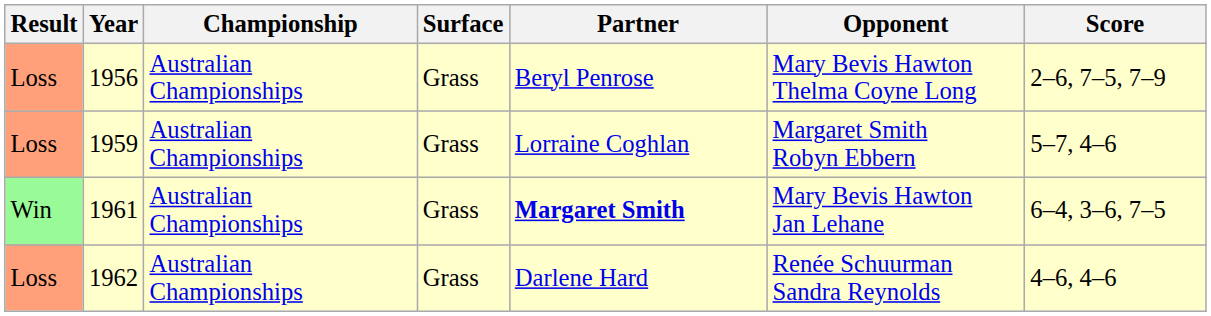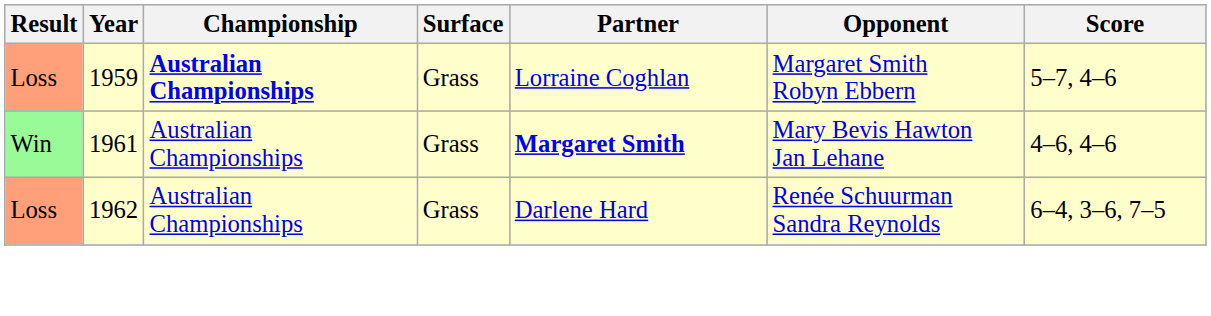 <table class="sortable wikitable">
 <tr>
 <th style="width:40px">Result</th>
 <th style="width:30px">Year</th>
 <th style="width:170px">Championship</th>
 <th style="width:50px">Surface</th>
 <th style="width:160px">Partner</th>
 <th style="width:160px">Opponent</th>
 <th style="width:110px" class="unsortable">Score</th>
 </tr>
 <tr style="background:#ffc;">
 <td style="background:#ffa07a;">Loss</td>
-<td>1956</td>
-<td><a href='#'>Australian Championships</a></td>
-<td>Grass</td>
-<td> <a href='#'>Beryl Penrose</a></td>
-<td> <a href='#'>Mary Bevis Hawton</a> <br>  <a href='#'>Thelma Coyne Long</a></td>
-<td>2–6, 7–5, 7–9</td>
-</tr>
-<tr style="background:#ffc;">
-<td style="background:#ffa07a;">Loss</td>
 <td>1959</td>
-<td><a href='#'>Australian Championships</a></td>
+<td><strong><a href='#'>Australian Championships</a></strong></td>
 <td>Grass</td>
 <td> <a href='#'>Lorraine Coghlan</a></td>
 <td> <a href='#'>Margaret Smith</a> <br>  <a href='#'>Robyn Ebbern</a></td>
 <td>5–7, 4–6</td>
 </tr>
 <tr style="background:#ffc;">
 <td style="background:#98fb98;">Win</td>
 <td>1961</td>
 <td><a href='#'>Australian Championships</a></td>
 <td>Grass</td>
 <td><strong> <a href='#'>Margaret Smith</a></strong></td>
 <td> <a href='#'>Mary Bevis Hawton</a><br> <a href='#'>Jan Lehane</a></td>
-<td>6–4, 3–6, 7–5</td>
+<td>4–6, 4–6</td>
 </tr>
 <tr style="background:#ffc;">
 <td style="background:#ffa07a;">Loss</td>
 <td>1962</td>
 <td><a href='#'>Australian Championships</a></td>
 <td>Grass</td>
 <td> <a href='#'>Darlene Hard</a></td>
 <td> <a href='#'>Renée Schuurman</a> <br>  <a href='#'>Sandra Reynolds</a></td>
-<td>4–6, 4–6</td>
+<td>6–4, 3–6, 7–5</td>
 </tr>
 </table>
